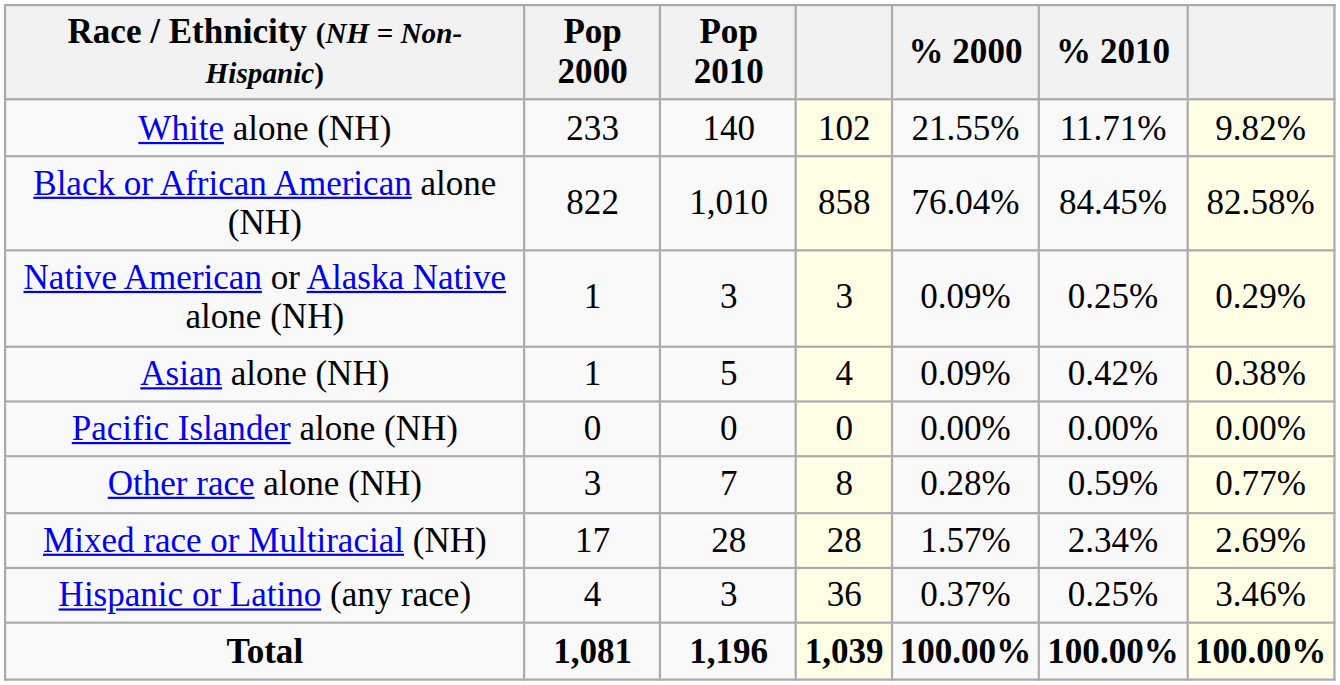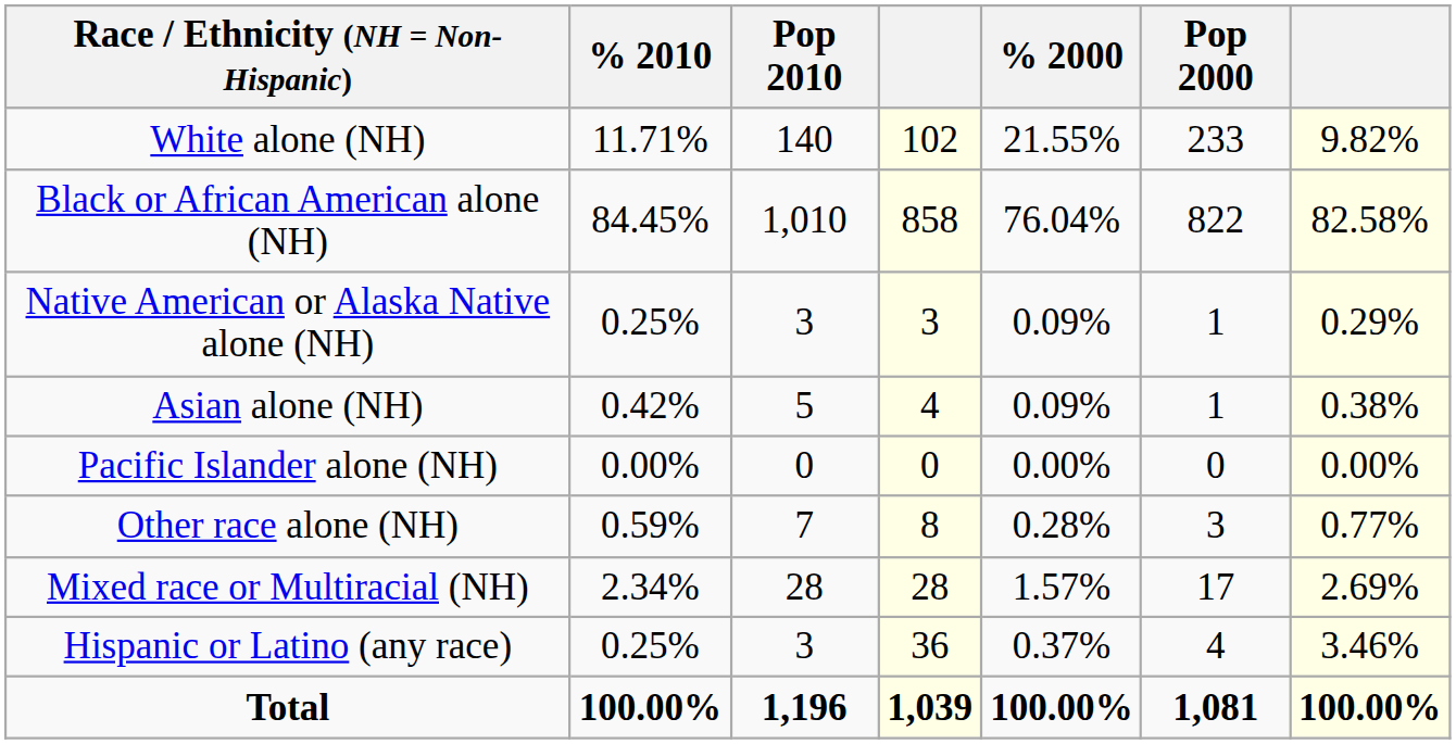 <table class="wikitable" style="text-align:center;">
 <tr>
 <th>Race / Ethnicity <small>(<em>NH = Non-Hispanic</em>)</small></th>
-<th>Pop 2000</th>
+<th>% 2010</th>
 <th>Pop 2010</th>
 <th></th>
 <th>% 2000</th>
-<th>% 2010</th>
+<th>Pop 2000</th>
 <th></th>
 </tr>
 <tr>
 <td><a href='#'>White</a> alone (NH)</td>
-<td>233</td>
+<td>11.71%</td>
 <td>140</td>
 <td style='background: #ffffe6;'>102</td>
 <td>21.55%</td>
-<td>11.71%</td>
+<td>233</td>
 <td style='background: #ffffe6;'>9.82%</td>
 </tr>
 <tr>
 <td><a href='#'>Black or African American</a> alone (NH)</td>
-<td>822</td>
+<td>84.45%</td>
 <td>1,010</td>
 <td style='background: #ffffe6;'>858</td>
 <td>76.04%</td>
-<td>84.45%</td>
+<td>822</td>
 <td style='background: #ffffe6;'>82.58%</td>
 </tr>
 <tr>
 <td><a href='#'>Native American</a> or <a href='#'>Alaska Native</a> alone (NH)</td>
-<td>1</td>
+<td>0.25%</td>
 <td>3</td>
 <td style='background: #ffffe6;'>3</td>
 <td>0.09%</td>
-<td>0.25%</td>
+<td>1</td>
 <td style='background: #ffffe6;'>0.29%</td>
 </tr>
 <tr>
 <td><a href='#'>Asian</a> alone (NH)</td>
-<td>1</td>
+<td>0.42%</td>
 <td>5</td>
 <td style='background: #ffffe6;'>4</td>
 <td>0.09%</td>
-<td>0.42%</td>
+<td>1</td>
 <td style='background: #ffffe6;'>0.38%</td>
 </tr>
 <tr>
 <td><a href='#'>Pacific Islander</a> alone (NH)</td>
-<td>0</td>
+<td>0.00%</td>
 <td>0</td>
 <td style='background: #ffffe6;'>0</td>
 <td>0.00%</td>
-<td>0.00%</td>
+<td>0</td>
 <td style='background: #ffffe6;'>0.00%</td>
 </tr>
 <tr>
 <td><a href='#'>Other race</a> alone (NH)</td>
-<td>3</td>
+<td>0.59%</td>
 <td>7</td>
 <td style='background: #ffffe6;'>8</td>
 <td>0.28%</td>
-<td>0.59%</td>
+<td>3</td>
 <td style='background: #ffffe6;'>0.77%</td>
 </tr>
 <tr>
 <td><a href='#'>Mixed race or Multiracial</a> (NH)</td>
-<td>17</td>
+<td>2.34%</td>
 <td>28</td>
 <td style='background: #ffffe6;'>28</td>
 <td>1.57%</td>
-<td>2.34%</td>
+<td>17</td>
 <td style='background: #ffffe6;'>2.69%</td>
 </tr>
 <tr>
 <td><a href='#'>Hispanic or Latino</a> (any race)</td>
-<td>4</td>
+<td>0.25%</td>
 <td>3</td>
 <td style='background: #ffffe6;'>36</td>
 <td>0.37%</td>
-<td>0.25%</td>
+<td>4</td>
 <td style='background: #ffffe6;'>3.46%</td>
 </tr>
 <tr>
 <td><strong>Total</strong></td>
-<td><strong>1,081</strong></td>
+<td><strong>100.00%</strong></td>
 <td><strong>1,196</strong></td>
 <td style='background: #ffffe6;'><strong>1,039</strong></td>
 <td><strong>100.00%</strong></td>
-<td><strong>100.00%</strong></td>
+<td><strong>1,081</strong></td>
 <td style='background: #ffffe6;'><strong>100.00%</strong></td>
 </tr>
 </table>
